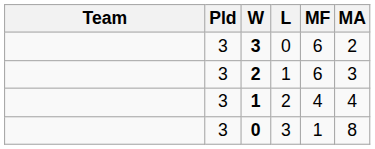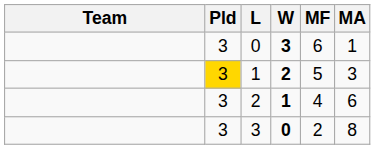 <table class=wikitable style="text-align:center">
 <tr>
 <th width=175>Team</th>
 <th width=20>Pld</th>
+<th width=20>L</th>
 <th width=20>W</th>
-<th width=20>L</th>
 <th width=20>MF</th>
 <th width=20>MA</th>
 </tr>
 <tr>
 <td style="text-align:left"></td>
 <td>3</td>
+<td>0</td>
 <td><strong>3</strong></td>
-<td>0</td>
 <td>6</td>
-<td>2</td>
+<td>1</td>
 </tr>
 <tr>
 <td style="text-align:left"></td>
-<td>3</td>
+<td style="background: gold;">3</td>
+<td>1</td>
 <td><strong>2</strong></td>
-<td>1</td>
-<td>6</td>
+<td>5</td>
 <td>3</td>
 </tr>
 <tr -bgcolor=ffcccc>
 <td style="text-align:left"></td>
 <td>3</td>
+<td>2</td>
 <td><strong>1</strong></td>
-<td>2</td>
 <td>4</td>
-<td>4</td>
+<td>6</td>
 </tr>
 <tr -bgcolor=ffcccc>
 <td style="text-align:left"></td>
 <td>3</td>
+<td>3</td>
 <td><strong>0</strong></td>
-<td>3</td>
-<td>1</td>
+<td>2</td>
 <td>8</td>
 </tr>
 </table>
